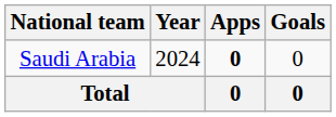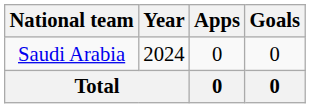 <table class="wikitable" style="text-align:center">
 <tr>
 <th>National team</th>
 <th>Year</th>
 <th>Apps</th>
 <th>Goals</th>
 </tr>
 <tr>
 <td rowspan="1"><a href='#'>Saudi Arabia</a></td>
 <td>2024</td>
-<td><strong>0</strong></td>
+<td>0</td>
 <td>0</td>
 </tr>
 <tr>
 <th colspan="2">Total</th>
 <th>0</th>
 <th>0</th>
 </tr>
 </table>
